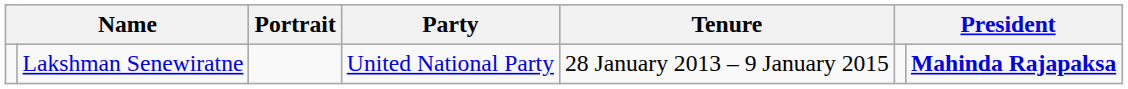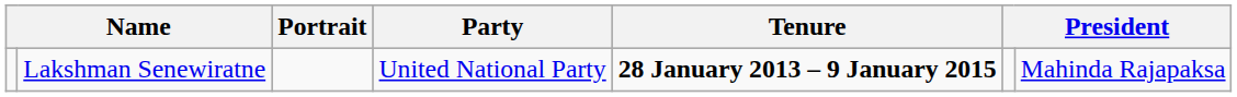 <table class="wikitable" style="margin:1em auto; font-size:90%; text-align:center;">
 <tr>
 <th colspan="2">Name</th>
 <th>Portrait</th>
 <th>Party</th>
 <th>Tenure</th>
 <th colspan="2"><a href='#'>President</a></th>
 </tr>
 <tr>
 <td !align="centre" style="background:"></td>
 <td><a href='#'>Lakshman Senewiratne</a></td>
 <td></td>
 <td><a href='#'>United National Party</a></td>
-<td>28 January 2013 – 9 January 2015</td>
+<td><strong>28 January 2013 – 9 January 2015</strong></td>
 <td !align="center" style="background:"></td>
-<td><strong><a href='#'>Mahinda Rajapaksa</a></strong></td>
+<td><a href='#'>Mahinda Rajapaksa</a></td>
 </tr>
 </table>
